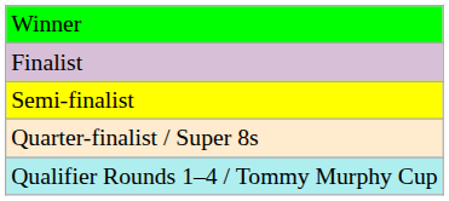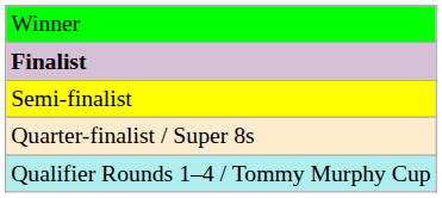 <table class=wikitable>
 <tr>
 <td bgcolor=lime>Winner</td>
 </tr>
 <tr>
-<td bgcolor=thistle>Finalist</td>
+<td bgcolor=thistle><strong>Finalist</strong></td>
 </tr>
 <tr>
 <td bgcolor=yellow>Semi-finalist</td>
 </tr>
 <tr>
 <td style="background:#ffebcd;">Quarter-finalist / Super 8s</td>
 </tr>
 <tr>
 <td style="background:#afeeee;">Qualifier Rounds 1–4 / Tommy Murphy Cup</td>
 </tr>
 </table>
